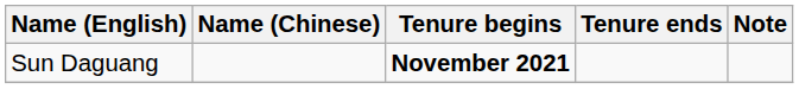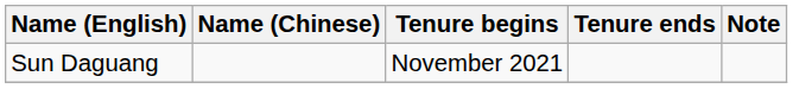 <table class="wikitable">
 <tr>
 <th>Name (English)</th>
 <th>Name (Chinese)</th>
 <th>Tenure begins</th>
 <th>Tenure ends</th>
 <th>Note</th>
 </tr>
 <tr>
 <td>Sun Daguang</td>
 <td></td>
-<td><strong>November 2021</strong></td>
+<td>November 2021</td>
 <td></td>
 <td></td>
 </tr>
 <tr>
 </tr>
 </table>
